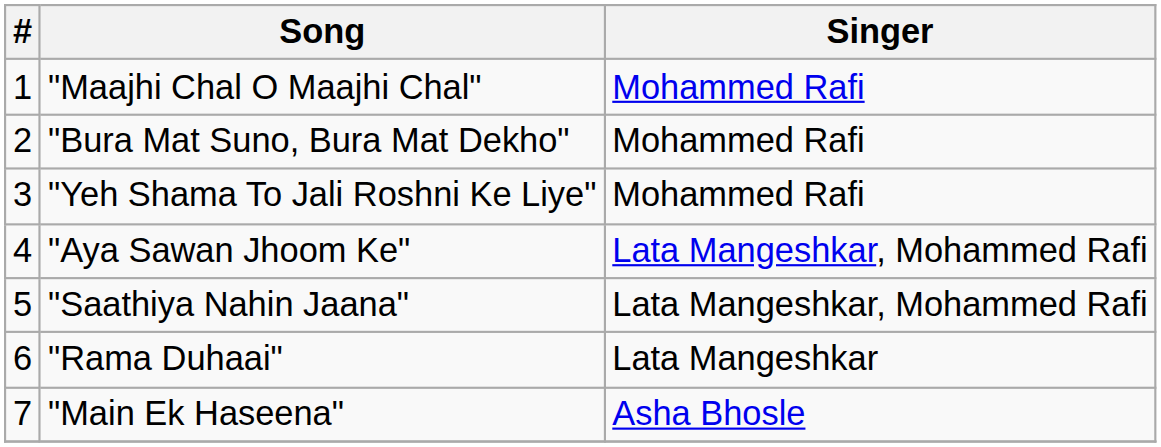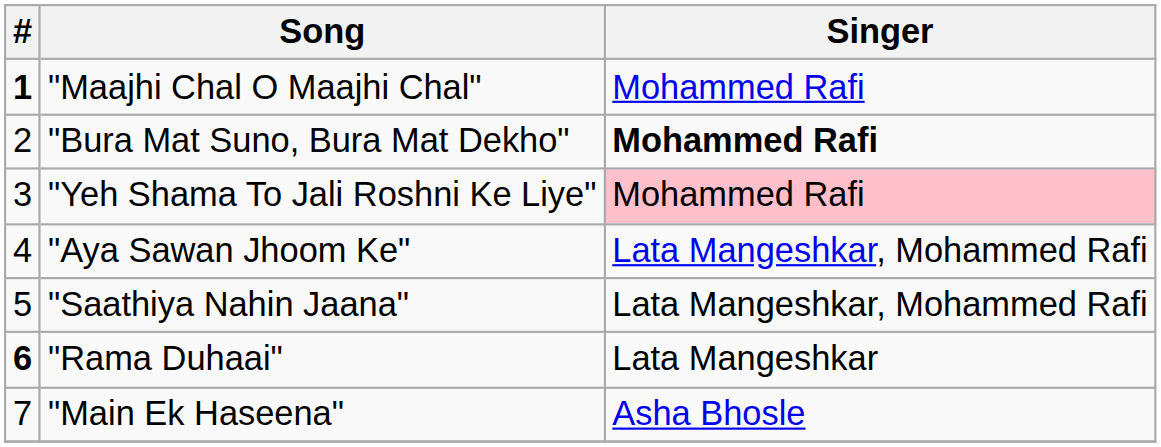 <table class="wikitable">
 <tr>
 <th>#</th>
 <th>Song</th>
 <th>Singer</th>
 </tr>
 <tr>
-<td>1</td>
+<td><strong>1</strong></td>
 <td>"Maajhi Chal O Maajhi Chal"</td>
 <td><a href='#'>Mohammed Rafi</a></td>
 </tr>
 <tr>
 <td>2</td>
 <td>"Bura Mat Suno, Bura Mat Dekho"</td>
-<td>Mohammed Rafi</td>
+<td><strong>Mohammed Rafi</strong></td>
 </tr>
 <tr>
 <td>3</td>
 <td>"Yeh Shama To Jali Roshni Ke Liye"</td>
-<td>Mohammed Rafi</td>
+<td style="background: pink;">Mohammed Rafi</td>
 </tr>
 <tr>
 <td>4</td>
 <td>"Aya Sawan Jhoom Ke"</td>
 <td><a href='#'>Lata Mangeshkar</a>, Mohammed Rafi</td>
 </tr>
 <tr>
 <td>5</td>
 <td>"Saathiya Nahin Jaana"</td>
 <td>Lata Mangeshkar, Mohammed Rafi</td>
 </tr>
 <tr>
-<td>6</td>
+<td><strong>6</strong></td>
 <td>"Rama Duhaai"</td>
 <td>Lata Mangeshkar</td>
 </tr>
 <tr>
 <td>7</td>
 <td>"Main Ek Haseena"</td>
 <td><a href='#'>Asha Bhosle</a></td>
 </tr>
 <tr>
 </tr>
 </table>
